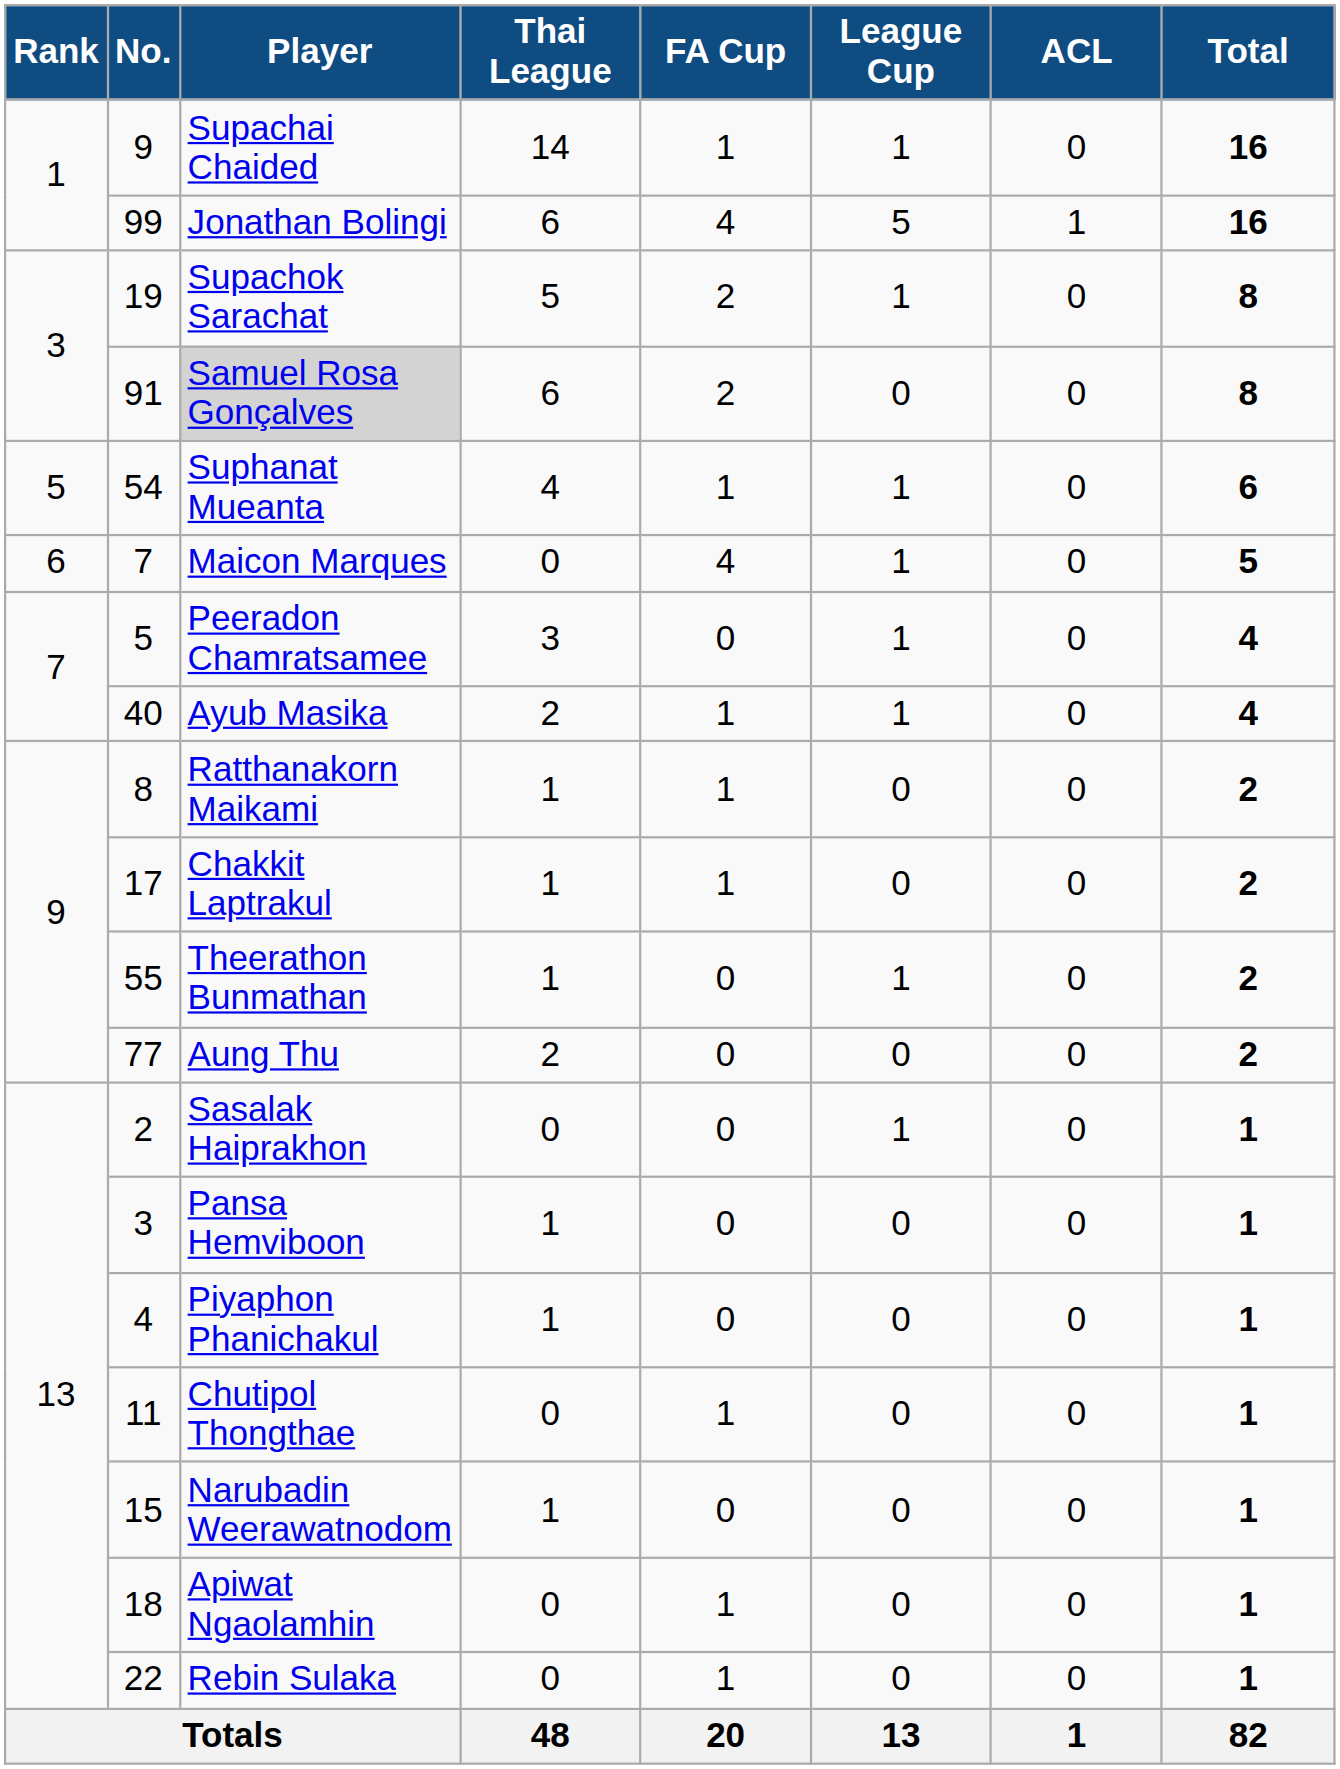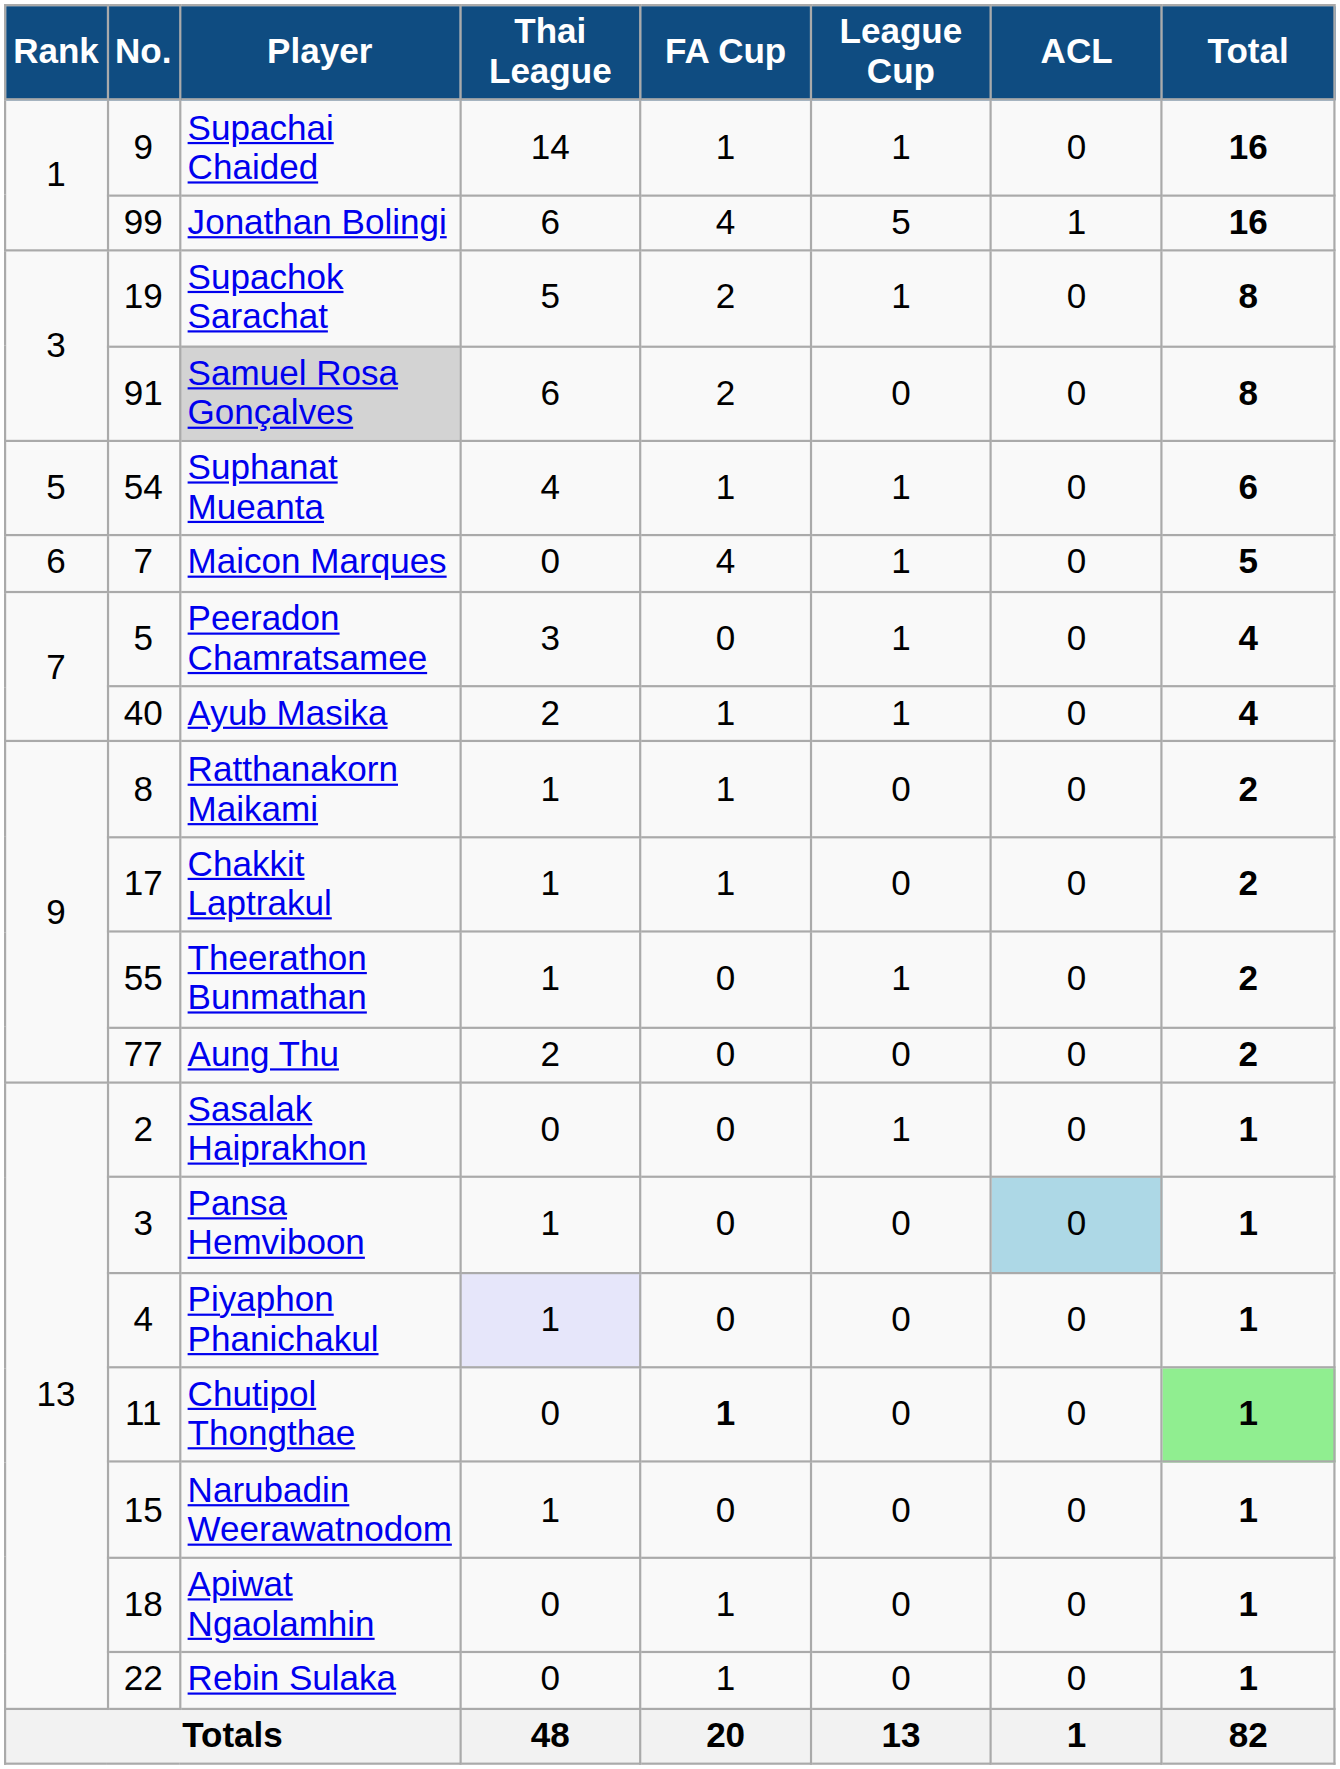 <table class="wikitable sortable alternance" style="text-align: center;">
 <tr>
 <th style="background:#0F4C81; color: white; text-align:center;">Rank</th>
 <th style="background:#0F4C81; color: white; text-align:center;">No.</th>
 <th style="background:#0F4C81; color: white; text-align:center;">Player</th>
 <th width=80 style="background:#0F4C81; color: white; text-align:center;">Thai League</th>
 <th width=80 style="background:#0F4C81; color: white; text-align:center;">FA Cup</th>
 <th width=80 style="background:#0F4C81; color: white; text-align:center;">League Cup</th>
 <th width=80 style="background:#0F4C81; color: white; text-align:center;">ACL</th>
 <th width=80 style="background:#0F4C81; color: white; text-align:center;">Total</th>
 </tr>
 <tr>
 <td rowspan=2>1</td>
 <td>9</td>
 <td align="left"> <a href='#'>Supachai Chaided</a></td>
 <td>14</td>
 <td>1</td>
 <td>1</td>
 <td>0</td>
 <td><strong>16</strong></td>
 </tr>
 <tr>
 <td>99</td>
 <td align="left"> <a href='#'>Jonathan Bolingi</a></td>
 <td>6</td>
 <td>4</td>
 <td>5</td>
 <td>1</td>
 <td><strong>16</strong></td>
 </tr>
 <tr>
 <td rowspan=2>3</td>
 <td>19</td>
 <td align="left"> <a href='#'>Supachok Sarachat</a></td>
 <td>5</td>
 <td>2</td>
 <td>1</td>
 <td>0</td>
 <td><strong>8</strong></td>
 </tr>
 <tr>
 <td>91</td>
 <td align="left" bgcolor=lightgrey> <a href='#'>Samuel Rosa Gonçalves</a></td>
 <td>6</td>
 <td>2</td>
 <td>0</td>
 <td>0</td>
 <td><strong>8</strong></td>
 </tr>
 <tr>
 <td>5</td>
 <td>54</td>
 <td align="left"> <a href='#'>Suphanat Mueanta</a></td>
 <td>4</td>
 <td>1</td>
 <td>1</td>
 <td>0</td>
 <td><strong>6</strong></td>
 </tr>
 <tr>
 <td>6</td>
 <td>7</td>
 <td align="left"> <a href='#'>Maicon Marques</a></td>
 <td>0</td>
 <td>4</td>
 <td>1</td>
 <td>0</td>
 <td><strong>5</strong></td>
 </tr>
 <tr>
 <td rowspan=2>7</td>
 <td>5</td>
 <td align="left"> <a href='#'>Peeradon Chamratsamee</a></td>
 <td>3</td>
 <td>0</td>
 <td>1</td>
 <td>0</td>
 <td><strong>4</strong></td>
 </tr>
 <tr>
 <td>40</td>
 <td align="left"> <a href='#'>Ayub Masika</a></td>
 <td>2</td>
 <td>1</td>
 <td>1</td>
 <td>0</td>
 <td><strong>4</strong></td>
 </tr>
 <tr>
 <td rowspan=4>9</td>
 <td>8</td>
 <td align="left"> <a href='#'>Ratthanakorn Maikami</a></td>
 <td>1</td>
 <td>1</td>
 <td>0</td>
 <td>0</td>
 <td><strong>2</strong></td>
 </tr>
 <tr>
 <td>17</td>
 <td align="left"> <a href='#'>Chakkit Laptrakul</a></td>
 <td>1</td>
 <td>1</td>
 <td>0</td>
 <td>0</td>
 <td><strong>2</strong></td>
 </tr>
 <tr>
 <td>55</td>
 <td align="left"> <a href='#'>Theerathon Bunmathan</a></td>
 <td>1</td>
 <td>0</td>
 <td>1</td>
 <td>0</td>
 <td><strong>2</strong></td>
 </tr>
 <tr>
 <td>77</td>
 <td align="left"> <a href='#'>Aung Thu</a></td>
 <td>2</td>
 <td>0</td>
 <td>0</td>
 <td>0</td>
 <td><strong>2</strong></td>
 </tr>
 <tr>
 <td rowspan=7>13</td>
 <td>2</td>
 <td align="left"> <a href='#'>Sasalak Haiprakhon</a></td>
 <td>0</td>
 <td>0</td>
 <td>1</td>
 <td>0</td>
 <td><strong>1</strong></td>
 </tr>
 <tr>
 <td>3</td>
 <td align="left"> <a href='#'>Pansa Hemviboon</a></td>
 <td>1</td>
 <td>0</td>
 <td>0</td>
-<td>0</td>
+<td style="background: lightblue;">0</td>
 <td><strong>1</strong></td>
 </tr>
 <tr>
 <td>4</td>
 <td align="left"> <a href='#'>Piyaphon Phanichakul</a></td>
-<td>1</td>
+<td style="background: lavender;">1</td>
 <td>0</td>
 <td>0</td>
 <td>0</td>
 <td><strong>1</strong></td>
 </tr>
 <tr>
 <td>11</td>
 <td align="left"> <a href='#'>Chutipol Thongthae</a></td>
 <td>0</td>
-<td>1</td>
+<td><strong>1</strong></td>
 <td>0</td>
 <td>0</td>
-<td><strong>1</strong></td>
+<td style="background: lightgreen;"><strong>1</strong></td>
 </tr>
 <tr>
 <td>15</td>
 <td align="left"> <a href='#'>Narubadin Weerawatnodom</a></td>
 <td>1</td>
 <td>0</td>
 <td>0</td>
 <td>0</td>
 <td><strong>1</strong></td>
 </tr>
 <tr>
 <td>18</td>
 <td align="left"> <a href='#'>Apiwat Ngaolamhin</a></td>
 <td>0</td>
 <td>1</td>
 <td>0</td>
 <td>0</td>
 <td><strong>1</strong></td>
 </tr>
 <tr>
 <td>22</td>
 <td align="left"> <a href='#'>Rebin Sulaka</a></td>
 <td>0</td>
 <td>1</td>
 <td>0</td>
 <td>0</td>
 <td><strong>1</strong></td>
 </tr>
 <tr class="sortbottom">
 <th colspan="3">Totals</th>
 <th>48</th>
 <th>20</th>
 <th>13</th>
 <th>1</th>
 <th>82</th>
 </tr>
 </table>
